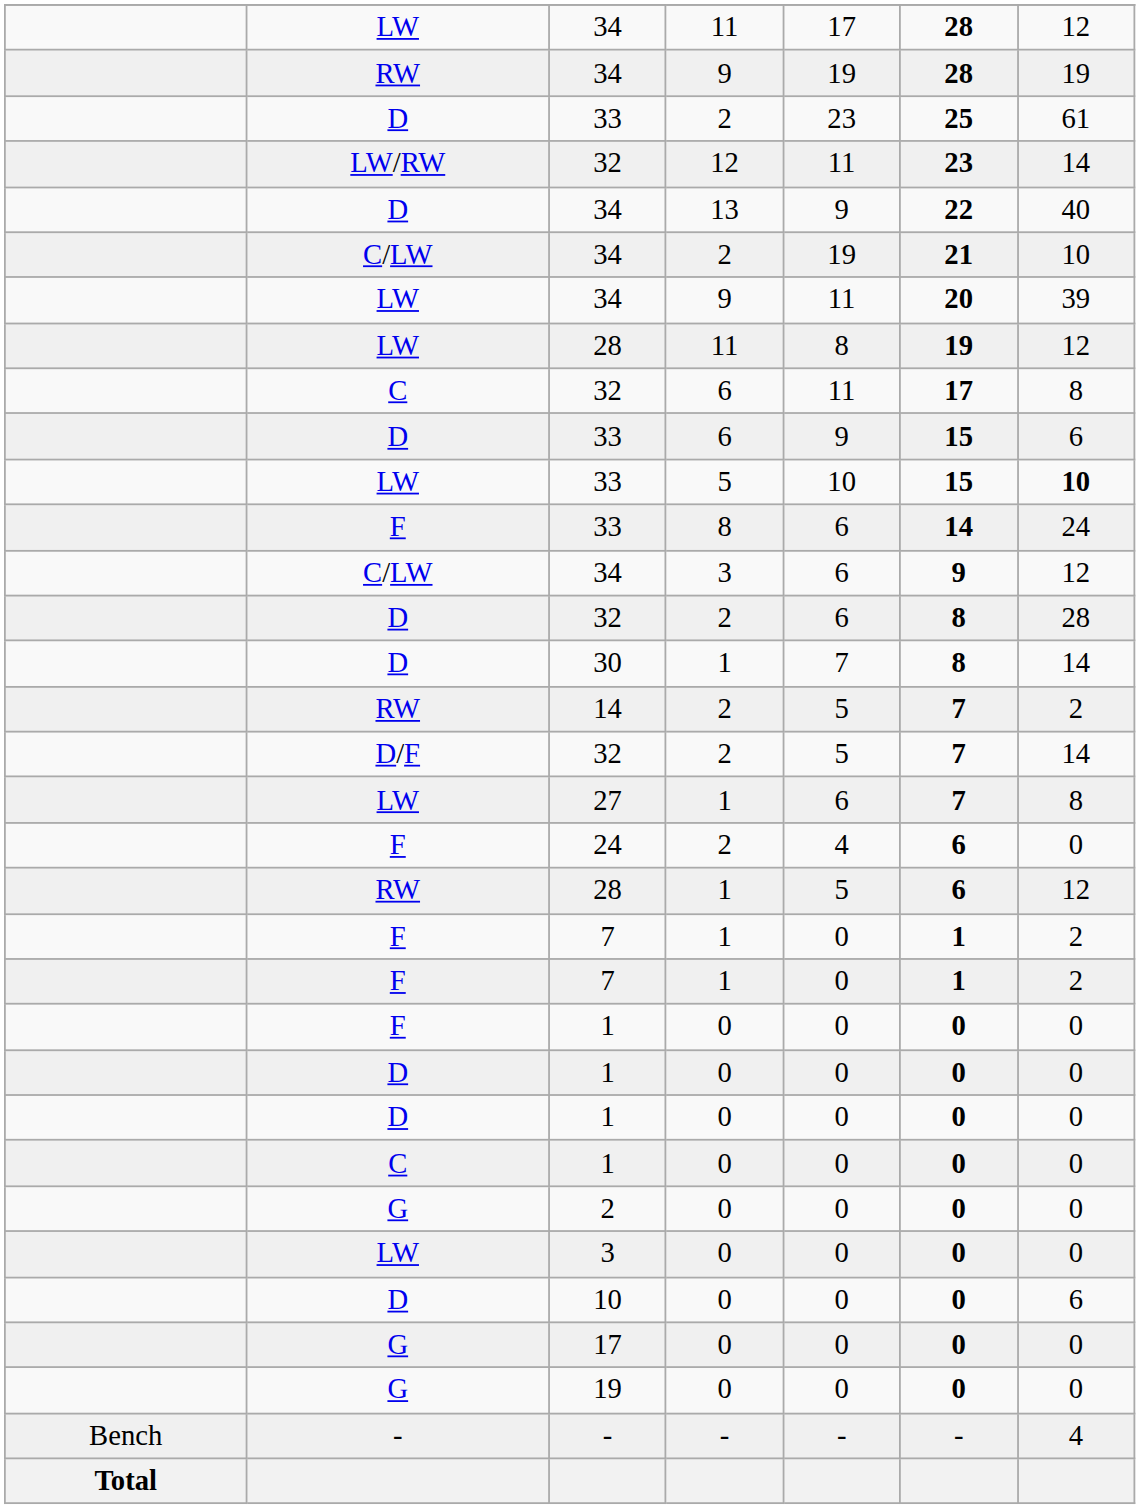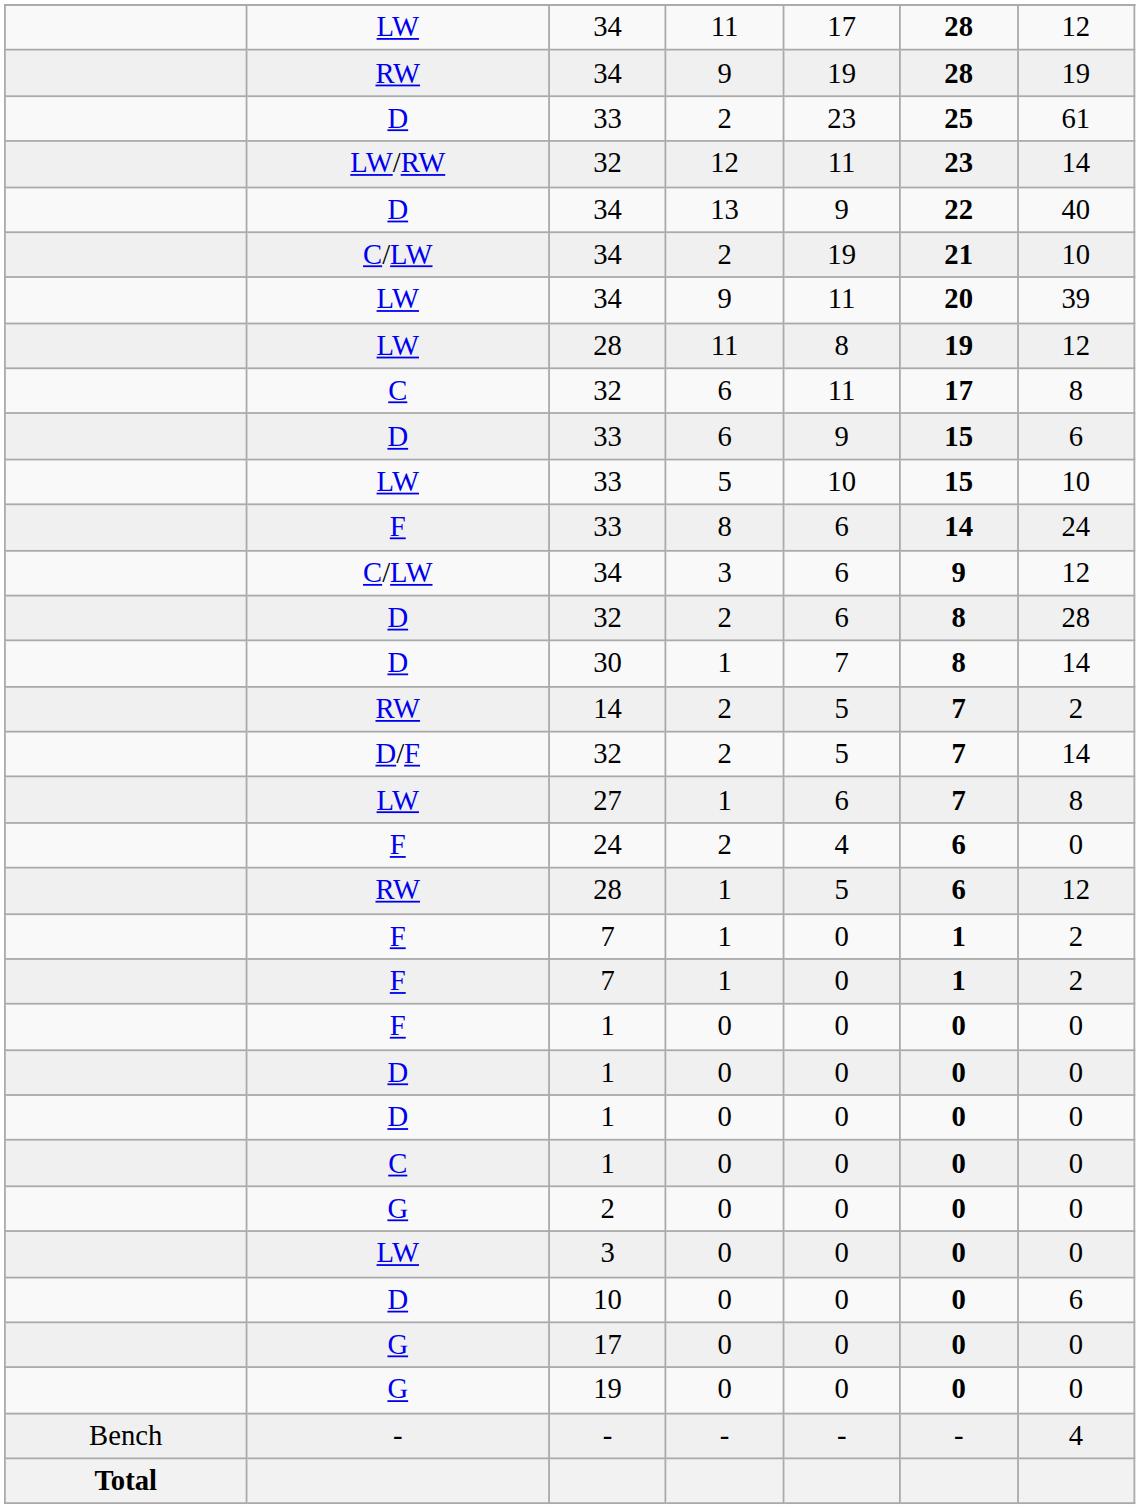 <table class="wikitable sortable" width ="50%">
 <tr align="center">
 </tr>
 <tr align="center" bgcolor="">
 <td></td>
 <td><a href='#'>LW</a></td>
 <td>34</td>
 <td>11</td>
 <td>17</td>
 <td><strong>28</strong></td>
 <td>12</td>
 </tr>
 <tr align="center" bgcolor="f0f0f0">
 <td></td>
 <td><a href='#'>RW</a></td>
 <td>34</td>
 <td>9</td>
 <td>19</td>
 <td><strong>28</strong></td>
 <td>19</td>
 </tr>
 <tr align="center" bgcolor="">
 <td></td>
 <td><a href='#'>D</a></td>
 <td>33</td>
 <td>2</td>
 <td>23</td>
 <td><strong>25</strong></td>
 <td>61</td>
 </tr>
 <tr align="center" bgcolor="f0f0f0">
 <td></td>
 <td><a href='#'>LW</a>/<a href='#'>RW</a></td>
 <td>32</td>
 <td>12</td>
 <td>11</td>
 <td><strong>23</strong></td>
 <td>14</td>
 </tr>
 <tr align="center" bgcolor="">
 <td></td>
 <td><a href='#'>D</a></td>
 <td>34</td>
 <td>13</td>
 <td>9</td>
 <td><strong>22</strong></td>
 <td>40</td>
 </tr>
 <tr align="center" bgcolor="f0f0f0">
 <td></td>
 <td><a href='#'>C</a>/<a href='#'>LW</a></td>
 <td>34</td>
 <td>2</td>
 <td>19</td>
 <td><strong>21</strong></td>
 <td>10</td>
 </tr>
 <tr align="center" bgcolor="">
 <td></td>
 <td><a href='#'>LW</a></td>
 <td>34</td>
 <td>9</td>
 <td>11</td>
 <td><strong>20</strong></td>
 <td>39</td>
 </tr>
 <tr align="center" bgcolor="f0f0f0">
 <td></td>
 <td><a href='#'>LW</a></td>
 <td>28</td>
 <td>11</td>
 <td>8</td>
 <td><strong>19</strong></td>
 <td>12</td>
 </tr>
 <tr align="center" bgcolor="">
 <td></td>
 <td><a href='#'>C</a></td>
 <td>32</td>
 <td>6</td>
 <td>11</td>
 <td><strong>17</strong></td>
 <td>8</td>
 </tr>
 <tr align="center" bgcolor="f0f0f0">
 <td></td>
 <td><a href='#'>D</a></td>
 <td>33</td>
 <td>6</td>
 <td>9</td>
 <td><strong>15</strong></td>
 <td>6</td>
 </tr>
 <tr align="center" bgcolor="">
 <td></td>
 <td><a href='#'>LW</a></td>
 <td>33</td>
 <td>5</td>
 <td>10</td>
 <td><strong>15</strong></td>
-<td><strong>10</strong></td>
+<td>10</td>
 </tr>
 <tr align="center" bgcolor="f0f0f0">
 <td></td>
 <td><a href='#'>F</a></td>
 <td>33</td>
 <td>8</td>
 <td>6</td>
 <td><strong>14</strong></td>
 <td>24</td>
 </tr>
 <tr align="center" bgcolor="">
 <td></td>
 <td><a href='#'>C</a>/<a href='#'>LW</a></td>
 <td>34</td>
 <td>3</td>
 <td>6</td>
 <td><strong>9</strong></td>
 <td>12</td>
 </tr>
 <tr align="center" bgcolor="f0f0f0">
 <td></td>
 <td><a href='#'>D</a></td>
 <td>32</td>
 <td>2</td>
 <td>6</td>
 <td><strong>8</strong></td>
 <td>28</td>
 </tr>
 <tr align="center" bgcolor="">
 <td></td>
 <td><a href='#'>D</a></td>
 <td>30</td>
 <td>1</td>
 <td>7</td>
 <td><strong>8</strong></td>
 <td>14</td>
 </tr>
 <tr align="center" bgcolor="f0f0f0">
 <td></td>
 <td><a href='#'>RW</a></td>
 <td>14</td>
 <td>2</td>
 <td>5</td>
 <td><strong>7</strong></td>
 <td>2</td>
 </tr>
 <tr align="center" bgcolor="">
 <td></td>
 <td><a href='#'>D</a>/<a href='#'>F</a></td>
 <td>32</td>
 <td>2</td>
 <td>5</td>
 <td><strong>7</strong></td>
 <td>14</td>
 </tr>
 <tr align="center" bgcolor="f0f0f0">
 <td></td>
 <td><a href='#'>LW</a></td>
 <td>27</td>
 <td>1</td>
 <td>6</td>
 <td><strong>7</strong></td>
 <td>8</td>
 </tr>
 <tr align="center" bgcolor="">
 <td></td>
 <td><a href='#'>F</a></td>
 <td>24</td>
 <td>2</td>
 <td>4</td>
 <td><strong>6</strong></td>
 <td>0</td>
 </tr>
 <tr align="center" bgcolor="f0f0f0">
 <td></td>
 <td><a href='#'>RW</a></td>
 <td>28</td>
 <td>1</td>
 <td>5</td>
 <td><strong>6</strong></td>
 <td>12</td>
 </tr>
 <tr align="center" bgcolor="">
 <td></td>
 <td><a href='#'>F</a></td>
 <td>7</td>
 <td>1</td>
 <td>0</td>
 <td><strong>1</strong></td>
 <td>2</td>
 </tr>
 <tr align="center" bgcolor="f0f0f0">
 <td></td>
 <td><a href='#'>F</a></td>
 <td>7</td>
 <td>1</td>
 <td>0</td>
 <td><strong>1</strong></td>
 <td>2</td>
 </tr>
 <tr align="center" bgcolor="">
 <td></td>
 <td><a href='#'>F</a></td>
 <td>1</td>
 <td>0</td>
 <td>0</td>
 <td><strong>0</strong></td>
 <td>0</td>
 </tr>
 <tr align="center" bgcolor="f0f0f0">
 <td></td>
 <td><a href='#'>D</a></td>
 <td>1</td>
 <td>0</td>
 <td>0</td>
 <td><strong>0</strong></td>
 <td>0</td>
 </tr>
 <tr align="center" bgcolor="">
 <td></td>
 <td><a href='#'>D</a></td>
 <td>1</td>
 <td>0</td>
 <td>0</td>
 <td><strong>0</strong></td>
 <td>0</td>
 </tr>
 <tr align="center" bgcolor="f0f0f0">
 <td></td>
 <td><a href='#'>C</a></td>
 <td>1</td>
 <td>0</td>
 <td>0</td>
 <td><strong>0</strong></td>
 <td>0</td>
 </tr>
 <tr align="center" bgcolor="">
 <td></td>
 <td><a href='#'>G</a></td>
 <td>2</td>
 <td>0</td>
 <td>0</td>
 <td><strong>0</strong></td>
 <td>0</td>
 </tr>
 <tr align="center" bgcolor="f0f0f0">
 <td></td>
 <td><a href='#'>LW</a></td>
 <td>3</td>
 <td>0</td>
 <td>0</td>
 <td><strong>0</strong></td>
 <td>0</td>
 </tr>
 <tr align="center" bgcolor="">
 <td></td>
 <td><a href='#'>D</a></td>
 <td>10</td>
 <td>0</td>
 <td>0</td>
 <td><strong>0</strong></td>
 <td>6</td>
 </tr>
 <tr align="center" bgcolor="f0f0f0">
 <td></td>
 <td><a href='#'>G</a></td>
 <td>17</td>
 <td>0</td>
 <td>0</td>
 <td><strong>0</strong></td>
 <td>0</td>
 </tr>
 <tr align="center" bgcolor="">
 <td></td>
 <td><a href='#'>G</a></td>
 <td>19</td>
 <td>0</td>
 <td>0</td>
 <td><strong>0</strong></td>
 <td>0</td>
 </tr>
 <tr align="center" bgcolor="f0f0f0">
 <td>Bench</td>
 <td>-</td>
 <td>-</td>
 <td>-</td>
 <td>-</td>
 <td>-</td>
 <td>4</td>
 </tr>
 <tr>
 <th>Total</th>
 <th></th>
 <th></th>
 <th></th>
 <th></th>
 <th></th>
 <th></th>
 </tr>
 </table>
